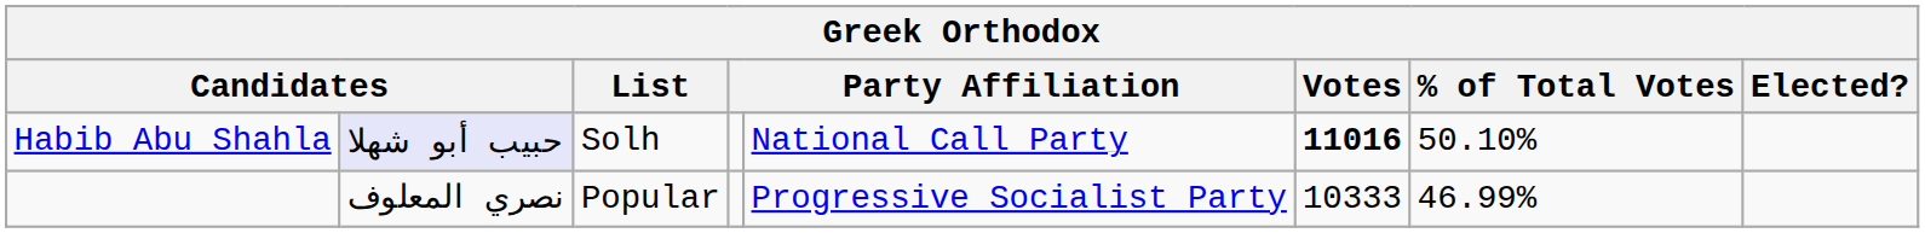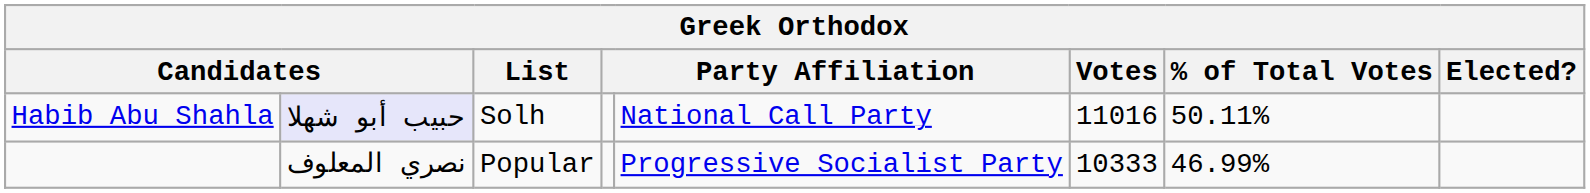 <table class="wikitable sortable">
 <tr>
 <th colspan="8">Greek Orthodox</th>
 </tr>
 <tr>
 <th colspan="2">Candidates</th>
 <th>List</th>
 <th colspan="2">Party Affiliation</th>
 <th>Votes</th>
 <th>% of Total Votes</th>
 <th>Elected?</th>
 </tr>
 <tr>
 <td><a href='#'>Habib Abu Shahla</a></td>
 <td style="background: lavender;">حبيب أبو شهلا</td>
 <td>Solh</td>
 <td style="background: "></td>
 <td><a href='#'>National Call Party</a></td>
-<td><strong>11016</strong></td>
-<td>50.10%</td>
+<td>11016</td>
+<td>50.11%</td>
 <td></td>
 </tr>
 <tr>
 <td></td>
 <td>نصري المعلوف</td>
 <td>Popular</td>
 <td style="background: "></td>
 <td><a href='#'>Progressive Socialist Party</a></td>
 <td>10333</td>
 <td>46.99%</td>
 <td></td>
 </tr>
 </table>
